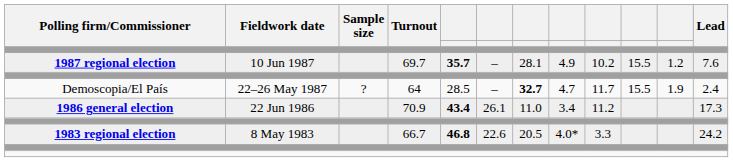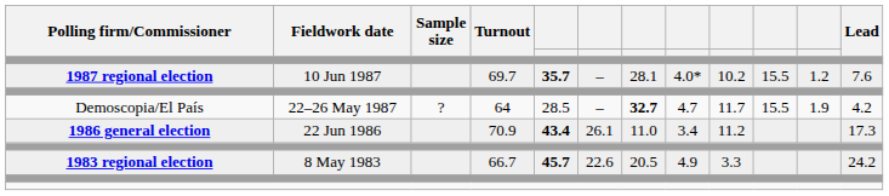 <table class="wikitable collapsible collapsed" style="text-align:center; font-size:95%; line-height:16px;">
 <tr style="height:42px;">
 <th style="width:250px;" rowspan="2">Polling firm/Commissioner</th>
 <th style="width:125px;" rowspan="2">Fieldwork date</th>
 <th style="width:50px;" rowspan="2">Sample size</th>
 <th style="width:45px;" rowspan="2">Turnout</th>
 <th style="width:35px;"></th>
 <th style="width:35px;"></th>
 <th style="width:35px;"></th>
 <th style="width:35px;"></th>
 <th style="width:35px;"></th>
 <th style="width:35px;"></th>
 <th style="width:35px;"></th>
 <th style="width:30px;" rowspan="2">Lead</th>
 </tr>
 <tr>
 <th style="color:inherit;background:"></th>
 <th style="color:inherit;background:"></th>
 <th style="color:inherit;background:"></th>
 <th style="color:inherit;background:"></th>
 <th style="color:inherit;background:"></th>
 <th style="color:inherit;background:"></th>
 <th style="color:inherit;background:"></th>
 </tr>
 <tr>
 <td colspan="12" style="background:#A0A0A0"></td>
 </tr>
 <tr style="background:#EFEFEF;">
 <td><strong><a href='#'>1987 regional election</a></strong></td>
 <td>10 Jun 1987</td>
 <td></td>
 <td>69.7</td>
 <td><strong>35.7</strong><br></td>
 <td>–</td>
 <td>28.1<br></td>
-<td>4.9<br></td>
+<td>4.0*<br></td>
 <td>10.2<br></td>
 <td>15.5<br></td>
 <td>1.2<br></td>
 <td style="background:">7.6</td>
 </tr>
 <tr>
 <td colspan="12" style="background:#A0A0A0"></td>
 </tr>
 <tr>
 <td>Demoscopia/El País</td>
 <td>22–26 May 1987</td>
 <td>?</td>
 <td>64</td>
 <td>28.5<br></td>
 <td>–</td>
 <td><strong>32.7</strong><br></td>
 <td>4.7<br></td>
 <td>11.7<br></td>
 <td>15.5<br></td>
 <td>1.9<br></td>
-<td style="background:">2.4</td>
+<td style="background:">4.2</td>
 </tr>
 <tr style="background:#EFEFEF;">
 <td><strong><a href='#'>1986 general election</a></strong></td>
 <td>22 Jun 1986</td>
 <td></td>
 <td>70.9</td>
 <td><strong>43.4</strong><br></td>
 <td>26.1<br></td>
 <td>11.0<br></td>
 <td>3.4<br></td>
 <td>11.2<br></td>
 <td></td>
 <td></td>
 <td style="background:">17.3</td>
 </tr>
 <tr>
 <td colspan="12" style="background:#A0A0A0"></td>
 </tr>
 <tr style="background:#EFEFEF;">
 <td><strong><a href='#'>1983 regional election</a></strong></td>
 <td>8 May 1983</td>
 <td></td>
 <td>66.7</td>
-<td><strong>46.8</strong><br></td>
+<td><strong>45.7</strong><br></td>
 <td>22.6<br></td>
 <td>20.5<br></td>
-<td>4.0*<br></td>
+<td>4.9<br></td>
 <td>3.3<br></td>
 <td></td>
 <td></td>
 <td style="background:">24.2</td>
 </tr>
 <tr>
 <td colspan="12" style="background:#A0A0A0"></td>
 </tr>
 <tr>
 <td align="left" colspan="12"></td>
 </tr>
 </table>
